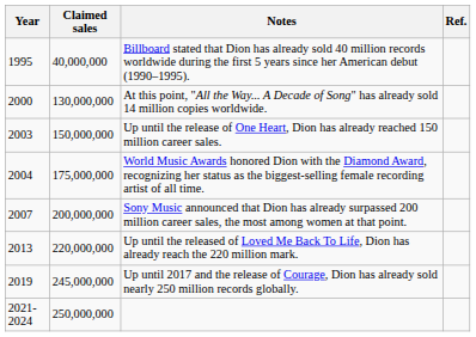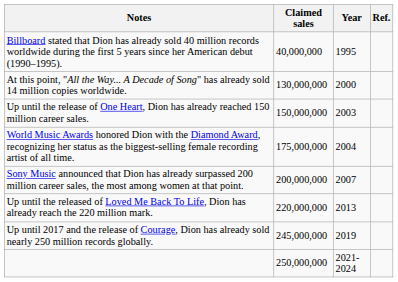 <table class="wikitable">
 <tr>
+<th>Notes</th>
+<th>Claimed sales</th>
 <th>Year</th>
-<th>Claimed sales</th>
-<th>Notes</th>
 <th>Ref.</th>
 </tr>
 <tr>
+<td><a href='#'>Billboard</a> stated that Dion has already sold 40 million records worldwide during the first 5 years since her American debut (1990–1995).</td>
+<td>40,000,000</td>
 <td>1995</td>
-<td>40,000,000</td>
-<td><a href='#'>Billboard</a> stated that Dion has already sold 40 million records worldwide during the first 5 years since her American debut (1990–1995).</td>
 <td></td>
 </tr>
 <tr>
+<td>At this point, "<em>All the Way... A Decade of Song</em>" has already sold 14 million copies worldwide.</td>
+<td>130,000,000</td>
 <td>2000</td>
-<td>130,000,000</td>
-<td>At this point, "<em>All the Way... A Decade of Song</em>" has already sold 14 million copies worldwide.</td>
 <td></td>
 </tr>
 <tr>
+<td>Up until the release of <a href='#'>One Heart</a>, Dion has already reached 150 million career sales.</td>
+<td>150,000,000</td>
 <td>2003</td>
-<td>150,000,000</td>
-<td>Up until the release of <a href='#'>One Heart</a>, Dion has already reached 150 million career sales.</td>
 <td></td>
 </tr>
 <tr>
+<td><a href='#'>World Music Awards</a> honored Dion with the <a href='#'>Diamond Award</a>, recognizing her status as the biggest-selling female recording artist of all time.</td>
+<td>175,000,000</td>
 <td>2004</td>
-<td>175,000,000</td>
-<td><a href='#'>World Music Awards</a> honored Dion with the <a href='#'>Diamond Award</a>, recognizing her status as the biggest-selling female recording artist of all time.</td>
 <td></td>
 </tr>
 <tr>
+<td><a href='#'>Sony Music</a> announced that Dion has already surpassed 200 million career sales, the most among women at that point.</td>
+<td>200,000,000</td>
 <td>2007</td>
-<td>200,000,000</td>
-<td><a href='#'>Sony Music</a> announced that Dion has already surpassed 200 million career sales, the most among women at that point.</td>
 <td></td>
 </tr>
 <tr>
+<td>Up until the released of <a href='#'>Loved Me Back To Life</a>, Dion has already reach the 220 million mark.</td>
+<td>220,000,000</td>
 <td>2013</td>
-<td>220,000,000</td>
-<td>Up until the released of <a href='#'>Loved Me Back To Life</a>, Dion has already reach the 220 million mark.</td>
 <td></td>
 </tr>
 <tr>
+<td>Up until 2017 and the release of <a href='#'>Courage</a>, Dion has already sold nearly 250 million records globally.</td>
+<td>245,000,000</td>
 <td>2019</td>
-<td>245,000,000</td>
-<td>Up until 2017 and the release of <a href='#'>Courage</a>, Dion has already sold nearly 250 million records globally.</td>
 <td></td>
 </tr>
 <tr>
+<td></td>
+<td>250,000,000</td>
 <td>2021-2024</td>
-<td>250,000,000</td>
-<td></td>
 <td></td>
 </tr>
 </table>
